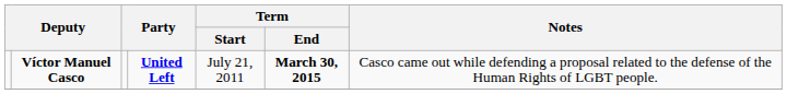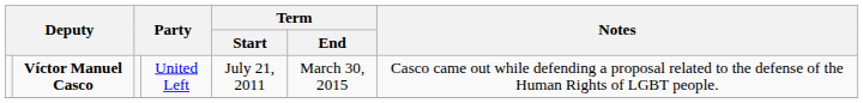 <table class="wikitable sortable" style="text-align:center">
 <tr>
 <th colspan="2" rowspan="2">Deputy</th>
 <th colspan="2" rowspan="2">Party</th>
 <th colspan="2">Term</th>
 <th rowspan="2">Notes</th>
 </tr>
 <tr>
 <th>Start</th>
 <th>End</th>
 </tr>
 <tr>
 <td></td>
 <td><strong>Víctor Manuel Casco</strong></td>
 <td style="background-color:"></td>
-<td><strong><a href='#'>United Left</a></strong></td>
+<td><a href='#'>United Left</a></td>
 <td>July 21, 2011</td>
-<td><strong>March 30, 2015</strong></td>
+<td>March 30, 2015</td>
 <td>Casco came out while defending a proposal related to the defense of the Human Rights of LGBT people.</td>
 </tr>
 <tr>
 </tr>
 </table>
